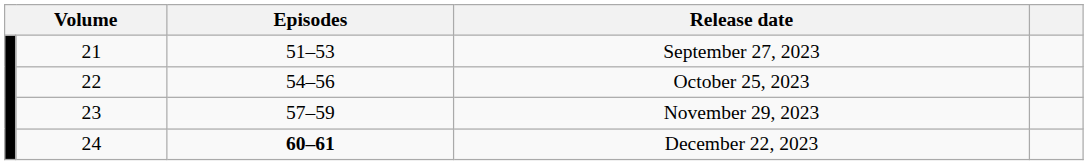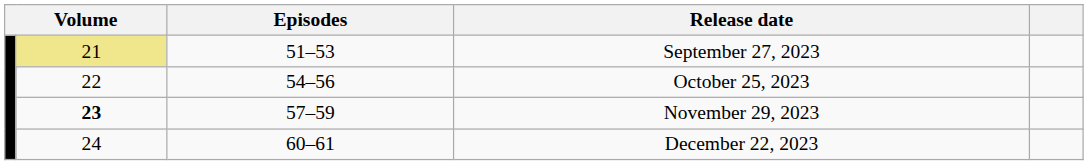 <table class="wikitable" style="text-align: center; width: 70%;">
 <tr>
 <th colspan="2" width="15%">Volume</th>
 <th>Episodes</th>
 <th>Release date</th>
 <th width="5%"></th>
 </tr>
 <tr>
 <td rowspan="4" width="1%" style="background: #000000"></td>
-<td>21</td>
+<td style="background: khaki;">21</td>
 <td>51–53</td>
 <td>September 27, 2023</td>
 <td></td>
 </tr>
 <tr>
 <td>22</td>
 <td>54–56</td>
 <td>October 25, 2023</td>
 <td></td>
 </tr>
 <tr>
-<td>23</td>
+<td><strong>23</strong></td>
 <td>57–59</td>
 <td>November 29, 2023</td>
 <td></td>
 </tr>
 <tr>
 <td>24</td>
-<td><strong>60–61</strong></td>
+<td>60–61</td>
 <td>December 22, 2023</td>
 <td></td>
 </tr>
 </table>
